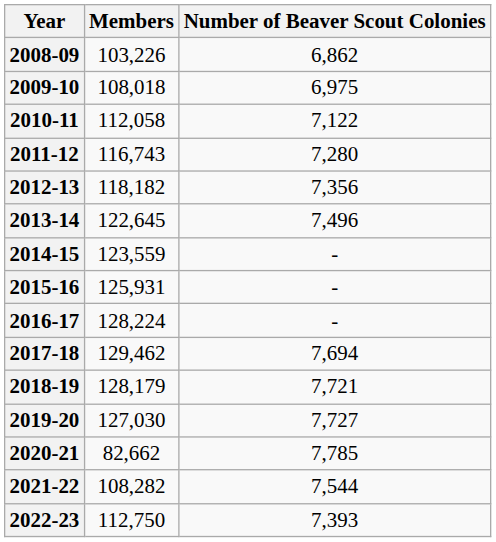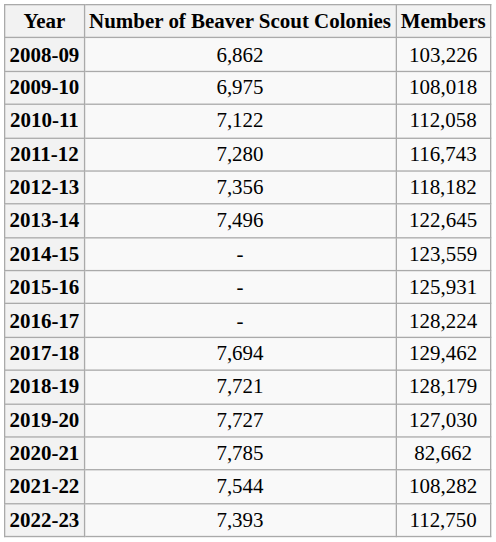 <table class="wikitable" style="text-align: center">
 <tr>
 <th>Year</th>
+<th>Number of Beaver Scout Colonies</th>
 <th>Members</th>
-<th>Number of Beaver Scout Colonies</th>
 </tr>
 <tr>
 <th scope=row>2008-09</th>
+<td>6,862</td>
 <td>103,226</td>
-<td>6,862</td>
 </tr>
 <tr>
 <th scope=row>2009-10</th>
+<td>6,975</td>
 <td>108,018</td>
-<td>6,975</td>
 </tr>
 <tr>
 <th scope=row>2010-11</th>
+<td>7,122</td>
 <td>112,058</td>
-<td>7,122</td>
 </tr>
 <tr>
 <th scope=row>2011-12</th>
+<td>7,280</td>
 <td>116,743</td>
-<td>7,280</td>
 </tr>
 <tr>
 <th scope=row>2012-13</th>
+<td>7,356</td>
 <td>118,182</td>
-<td>7,356</td>
 </tr>
 <tr>
 <th scope=row>2013-14</th>
+<td>7,496</td>
 <td>122,645</td>
-<td>7,496</td>
 </tr>
 <tr>
 <th scope=row>2014-15</th>
+<td>-</td>
 <td>123,559</td>
-<td>-</td>
 </tr>
 <tr>
 <th scope=row>2015-16</th>
+<td>-</td>
 <td>125,931</td>
-<td>-</td>
 </tr>
 <tr>
 <th scope=row>2016-17</th>
+<td>-</td>
 <td>128,224</td>
-<td>-</td>
 </tr>
 <tr>
 <th scope=row>2017-18</th>
+<td>7,694</td>
 <td>129,462</td>
-<td>7,694</td>
 </tr>
 <tr>
 <th scope=row>2018-19</th>
+<td>7,721</td>
 <td>128,179</td>
-<td>7,721</td>
 </tr>
 <tr>
 <th scope=row>2019-20</th>
+<td>7,727</td>
 <td>127,030</td>
-<td>7,727</td>
 </tr>
 <tr>
 <th>2020-21</th>
+<td>7,785</td>
 <td>82,662</td>
-<td>7,785</td>
 </tr>
 <tr>
 <th>2021-22</th>
+<td>7,544</td>
 <td>108,282</td>
-<td>7,544</td>
 </tr>
 <tr>
 <th>2022-23</th>
+<td>7,393</td>
 <td>112,750</td>
-<td>7,393</td>
 </tr>
 </table>
